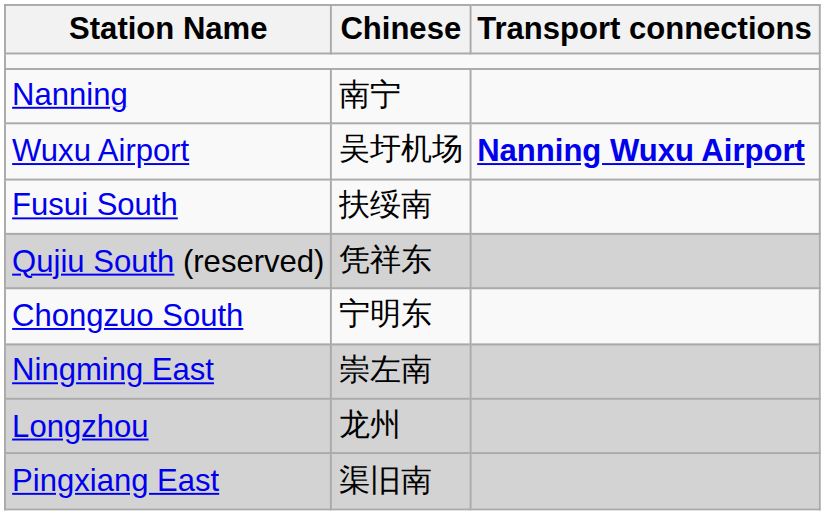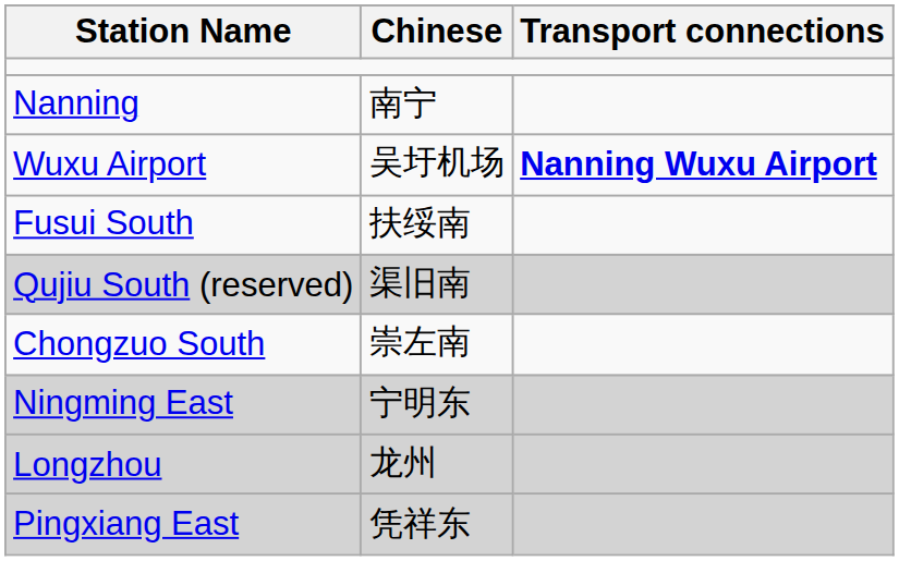 <table class="wikitable">
 <tr>
 <th>Station Name</th>
 <th>Chinese<br> </th>
 <th>Transport connections<br></th>
 </tr>
 <tr style="background:#">
 <td colspan = "11"></td>
 </tr>
 <tr>
 <td><a href='#'>Nanning</a></td>
 <td>南宁</td>
 <td>  </td>
 </tr>
 <tr>
 <td><a href='#'>Wuxu Airport</a></td>
 <td>吴圩机场</td>
 <td><strong><a href='#'>Nanning Wuxu Airport</a></strong></td>
 </tr>
 <tr>
 <td><a href='#'>Fusui South</a></td>
 <td>扶绥南</td>
 <td></td>
 </tr>
 <tr bgcolor="lightgrey">
 <td><a href='#'>Qujiu South</a> (reserved)</td>
-<td>凭祥东</td>
+<td>渠旧南</td>
 <td></td>
 </tr>
 <tr>
 <td><a href='#'>Chongzuo South</a></td>
-<td>宁明东</td>
+<td>崇左南</td>
 <td></td>
 </tr>
 <tr bgcolor="lightgrey">
 <td><a href='#'>Ningming East</a></td>
-<td>崇左南</td>
+<td>宁明东</td>
 <td></td>
 </tr>
 <tr bgcolor="lightgrey">
 <td><a href='#'>Longzhou</a></td>
 <td>龙州</td>
 <td></td>
 </tr>
 <tr bgcolor="lightgrey">
 <td><a href='#'>Pingxiang East</a></td>
-<td>渠旧南</td>
+<td>凭祥东</td>
 <td></td>
 </tr>
 </table>
